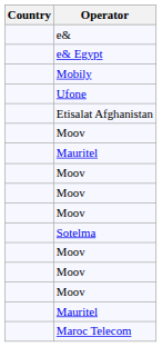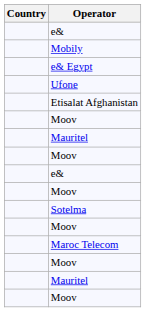 <table class="wikitable sortable" style="background:#f7f8ff; font-size:95%; border:gray solid 1px;">
 <tr style="background:#ccc; text-align:center;">
 <th>Country</th>
 <th>Operator</th>
 </tr>
 <tr>
 <td></td>
 <td>e&</td>
 </tr>
 <tr>
 <td></td>
-<td><a href='#'>e& Egypt</a></td>
+<td><a href='#'>Mobily</a></td>
 </tr>
 <tr>
 <td></td>
-<td><a href='#'>Mobily</a></td>
+<td><a href='#'>e& Egypt</a></td>
 </tr>
 <tr>
 <td></td>
 <td><a href='#'>Ufone</a></td>
 </tr>
 <tr>
 <td></td>
 <td>Etisalat Afghanistan</td>
 </tr>
 <tr>
 <td></td>
 <td>Moov</td>
 </tr>
 <tr>
 <td></td>
 <td><a href='#'>Mauritel</a></td>
 </tr>
 <tr>
 <td></td>
 <td>Moov</td>
 </tr>
 <tr>
 <td></td>
-<td>Moov</td>
+<td>e&</td>
 </tr>
 <tr>
 <td></td>
 <td>Moov</td>
 </tr>
 <tr>
 <td></td>
 <td><a href='#'>Sotelma</a></td>
 </tr>
 <tr>
 <td></td>
 <td>Moov</td>
 </tr>
 <tr>
 <td></td>
-<td>Moov</td>
+<td><a href='#'>Maroc Telecom</a></td>
 </tr>
 <tr>
 <td></td>
 <td>Moov</td>
 </tr>
 <tr>
 <td></td>
 <td><a href='#'>Mauritel</a></td>
 </tr>
 <tr>
 <td></td>
-<td><a href='#'>Maroc Telecom</a></td>
+<td>Moov</td>
 </tr>
 </table>
